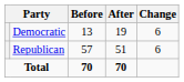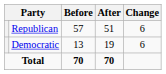 <table class="wikitable" style="text-align:center;">
 <tr>
 <th colspan="2">Party</th>
 <th>Before</th>
 <th>After</th>
 <th>Change</th>
 </tr>
 <tr>
 <th style="background-color:"></th>
-<td style="text-align:left;"><a href='#'>Democratic</a></td>
-<td>13</td>
-<td>19</td>
+<td style="text-align:left;"><a href='#'>Republican</a></td>
+<td>57</td>
+<td>51</td>
 <td> 6</td>
 </tr>
 <tr>
 <th style="background-color:"></th>
-<td style="text-align:left;"><a href='#'>Republican</a></td>
-<td>57</td>
-<td>51</td>
+<td style="text-align:left;"><a href='#'>Democratic</a></td>
+<td>13</td>
+<td>19</td>
 <td> 6</td>
 </tr>
 <tr>
 <td colspan="2"><strong>Total</strong></td>
 <td><strong>70</strong></td>
 <td><strong>70</strong></td>
 <td></td>
 </tr>
 </table>
